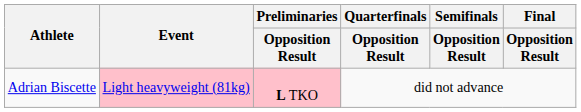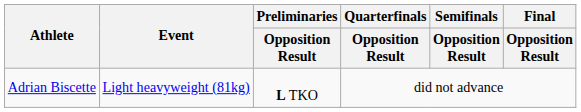 <table class="wikitable" border="1" style="font-size:90%">
 <tr>
 <th rowspan=2>Athlete</th>
 <th rowspan=2>Event</th>
 <th>Preliminaries</th>
 <th>Quarterfinals</th>
 <th>Semifinals</th>
 <th>Final</th>
 </tr>
 <tr>
 <th>Opposition<br>Result</th>
 <th>Opposition<br>Result</th>
 <th>Opposition<br>Result</th>
 <th>Opposition<br>Result</th>
 </tr>
 <tr>
 <td><a href='#'>Adrian Biscette</a></td>
-<td style="background: pink;"><a href='#'>Light heavyweight (81kg)</a></td>
-<td align=center style="background: pink;"><br><strong>L</strong> TKO</td>
+<td><a href='#'>Light heavyweight (81kg)</a></td>
+<td align=center><br><strong>L</strong> TKO</td>
 <td align=center colspan="3">did not advance</td>
 </tr>
 </table>
